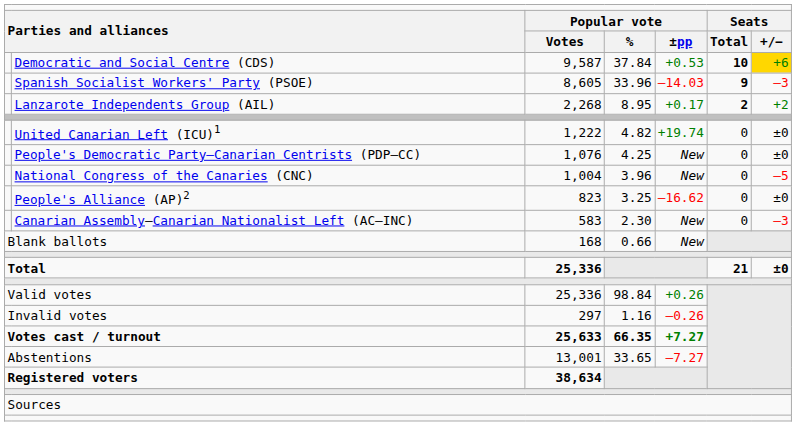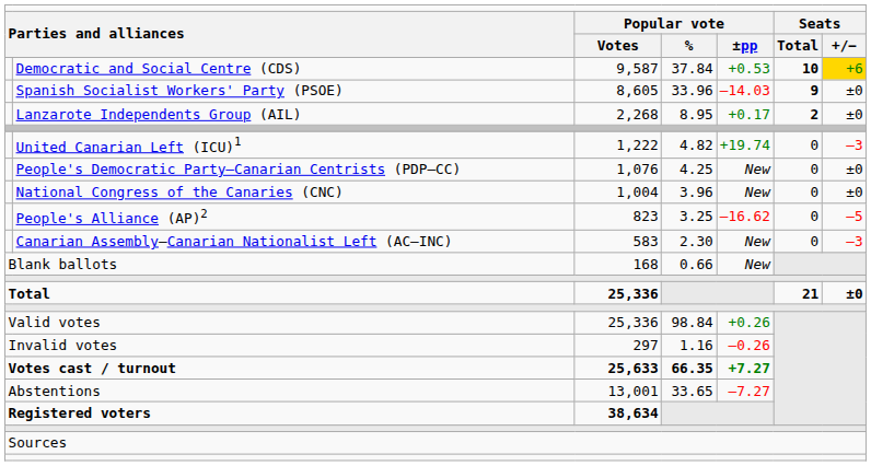 <table class="wikitable" style="text-align:right;">
 <tr>
 <td colspan="7"></td>
 </tr>
 <tr>
 <th style="text-align:left;" rowspan="2" colspan="2" width="525">Parties and alliances</th>
 <th colspan="3">Popular vote</th>
 <th colspan="2">Seats</th>
 </tr>
 <tr>
 <th width="75">Votes</th>
 <th width="45">%</th>
 <th width="45">±<a href='#'>pp</a></th>
 <th width="35">Total</th>
 <th width="35">+/−</th>
 </tr>
 <tr>
 <td width="1" style="color:inherit;background:"></td>
 <td align="left"><a href='#'>Democratic and Social Centre</a> (CDS)</td>
 <td>9,587</td>
 <td>37.84</td>
 <td style="color:green;">+0.53</td>
 <td><strong>10</strong></td>
 <td style="background: gold; color:green;">+6</td>
 </tr>
 <tr>
 <td style="color:inherit;background:"></td>
 <td align="left"><a href='#'>Spanish Socialist Workers' Party</a> (PSOE)</td>
 <td>8,605</td>
 <td>33.96</td>
 <td style="color:red;">–14.03</td>
 <td><strong>9</strong></td>
-<td style="color:red;">–3</td>
+<td>±0</td>
 </tr>
 <tr>
 <td style="color:inherit;background:"></td>
 <td align="left"><a href='#'>Lanzarote Independents Group</a> (AIL)</td>
 <td>2,268</td>
 <td>8.95</td>
 <td style="color:green;">+0.17</td>
 <td><strong>2</strong></td>
-<td style="color:green;">+2</td>
+<td>±0</td>
 </tr>
 <tr>
 <td colspan="7" bgcolor="#C0C0C0"></td>
 </tr>
 <tr>
 <td style="color:inherit;background:"></td>
 <td align="left"><a href='#'>United Canarian Left</a> (ICU)<sup>1</sup></td>
 <td>1,222</td>
 <td>4.82</td>
 <td style="color:green;">+19.74</td>
 <td>0</td>
-<td>±0</td>
+<td style="color:red;">–3</td>
 </tr>
 <tr>
 <td style="color:inherit;background:"></td>
 <td align="left"><a href='#'>People's Democratic Party–Canarian Centrists</a> (PDP–CC)</td>
 <td>1,076</td>
 <td>4.25</td>
 <td><em>New</em></td>
 <td>0</td>
 <td>±0</td>
 </tr>
 <tr>
 <td style="color:inherit;background:"></td>
 <td align="left"><a href='#'>National Congress of the Canaries</a> (CNC)</td>
 <td>1,004</td>
 <td>3.96</td>
 <td><em>New</em></td>
 <td>0</td>
-<td style="color:red;">–5</td>
+<td>±0</td>
 </tr>
 <tr>
 <td style="color:inherit;background:"></td>
 <td align="left"><a href='#'>People's Alliance</a> (AP)<sup>2</sup></td>
 <td>823</td>
 <td>3.25</td>
 <td style="color:red;">–16.62</td>
 <td>0</td>
-<td>±0</td>
+<td style="color:red;">–5</td>
 </tr>
 <tr>
 <td style="color:inherit;background:"></td>
 <td align="left"><a href='#'>Canarian Assembly</a>–<a href='#'>Canarian Nationalist Left</a> (AC–INC)</td>
 <td>583</td>
 <td>2.30</td>
 <td><em>New</em></td>
 <td>0</td>
 <td style="color:red;">–3</td>
 </tr>
 <tr>
 <td align="left" colspan="2">Blank ballots</td>
 <td>168</td>
 <td>0.66</td>
 <td><em>New</em></td>
 <td bgcolor="#E9E9E9" colspan="2"></td>
 </tr>
 <tr>
 <td colspan="7" bgcolor="#E9E9E9"></td>
 </tr>
 <tr style="font-weight:bold;">
 <td align="left" colspan="2">Total</td>
 <td>25,336</td>
 <td bgcolor="#E9E9E9" colspan="2"></td>
 <td>21</td>
 <td>±0</td>
 </tr>
 <tr>
 <td colspan="7" bgcolor="#E9E9E9"></td>
 </tr>
 <tr>
 <td align="left" colspan="2">Valid votes</td>
 <td>25,336</td>
 <td>98.84</td>
 <td style="color:green;">+0.26</td>
 <td bgcolor="#E9E9E9" colspan="2" rowspan="5"></td>
 </tr>
 <tr>
 <td align="left" colspan="2">Invalid votes</td>
 <td>297</td>
 <td>1.16</td>
 <td style="color:red;">–0.26</td>
 </tr>
 <tr style="font-weight:bold;">
 <td align="left" colspan="2">Votes cast / turnout</td>
 <td>25,633</td>
 <td>66.35</td>
 <td style="color:green;">+7.27</td>
 </tr>
 <tr>
 <td align="left" colspan="2">Abstentions</td>
 <td>13,001</td>
 <td>33.65</td>
 <td style="color:red;">–7.27</td>
 </tr>
 <tr style="font-weight:bold;">
 <td align="left" colspan="2">Registered voters</td>
 <td>38,634</td>
 <td bgcolor="#E9E9E9" colspan="2"></td>
 </tr>
 <tr>
 <td colspan="7" bgcolor="#E9E9E9"></td>
 </tr>
 <tr>
 <td align="left" colspan="7">Sources</td>
 </tr>
 <tr>
 <td colspan="7" style="text-align:left; max-width:790px;"></td>
 </tr>
 </table>
